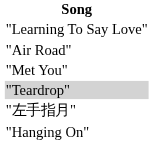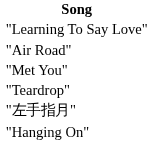 <table class="Works">
 <tr>
 <th>Song</th>
 </tr>
 <tr>
 <td>"Learning To Say Love"</td>
 </tr>
 <tr>
 <td>"Air Road"</td>
 </tr>
 <tr>
 <td>"Met You"</td>
 </tr>
 <tr>
-<td style="background: lightgrey;">"Teardrop"</td>
+<td>"Teardrop"</td>
 </tr>
 <tr>
 <td>"左手指月"</td>
 </tr>
 <tr>
 <td>"Hanging On"</td>
 </tr>
 </table>
